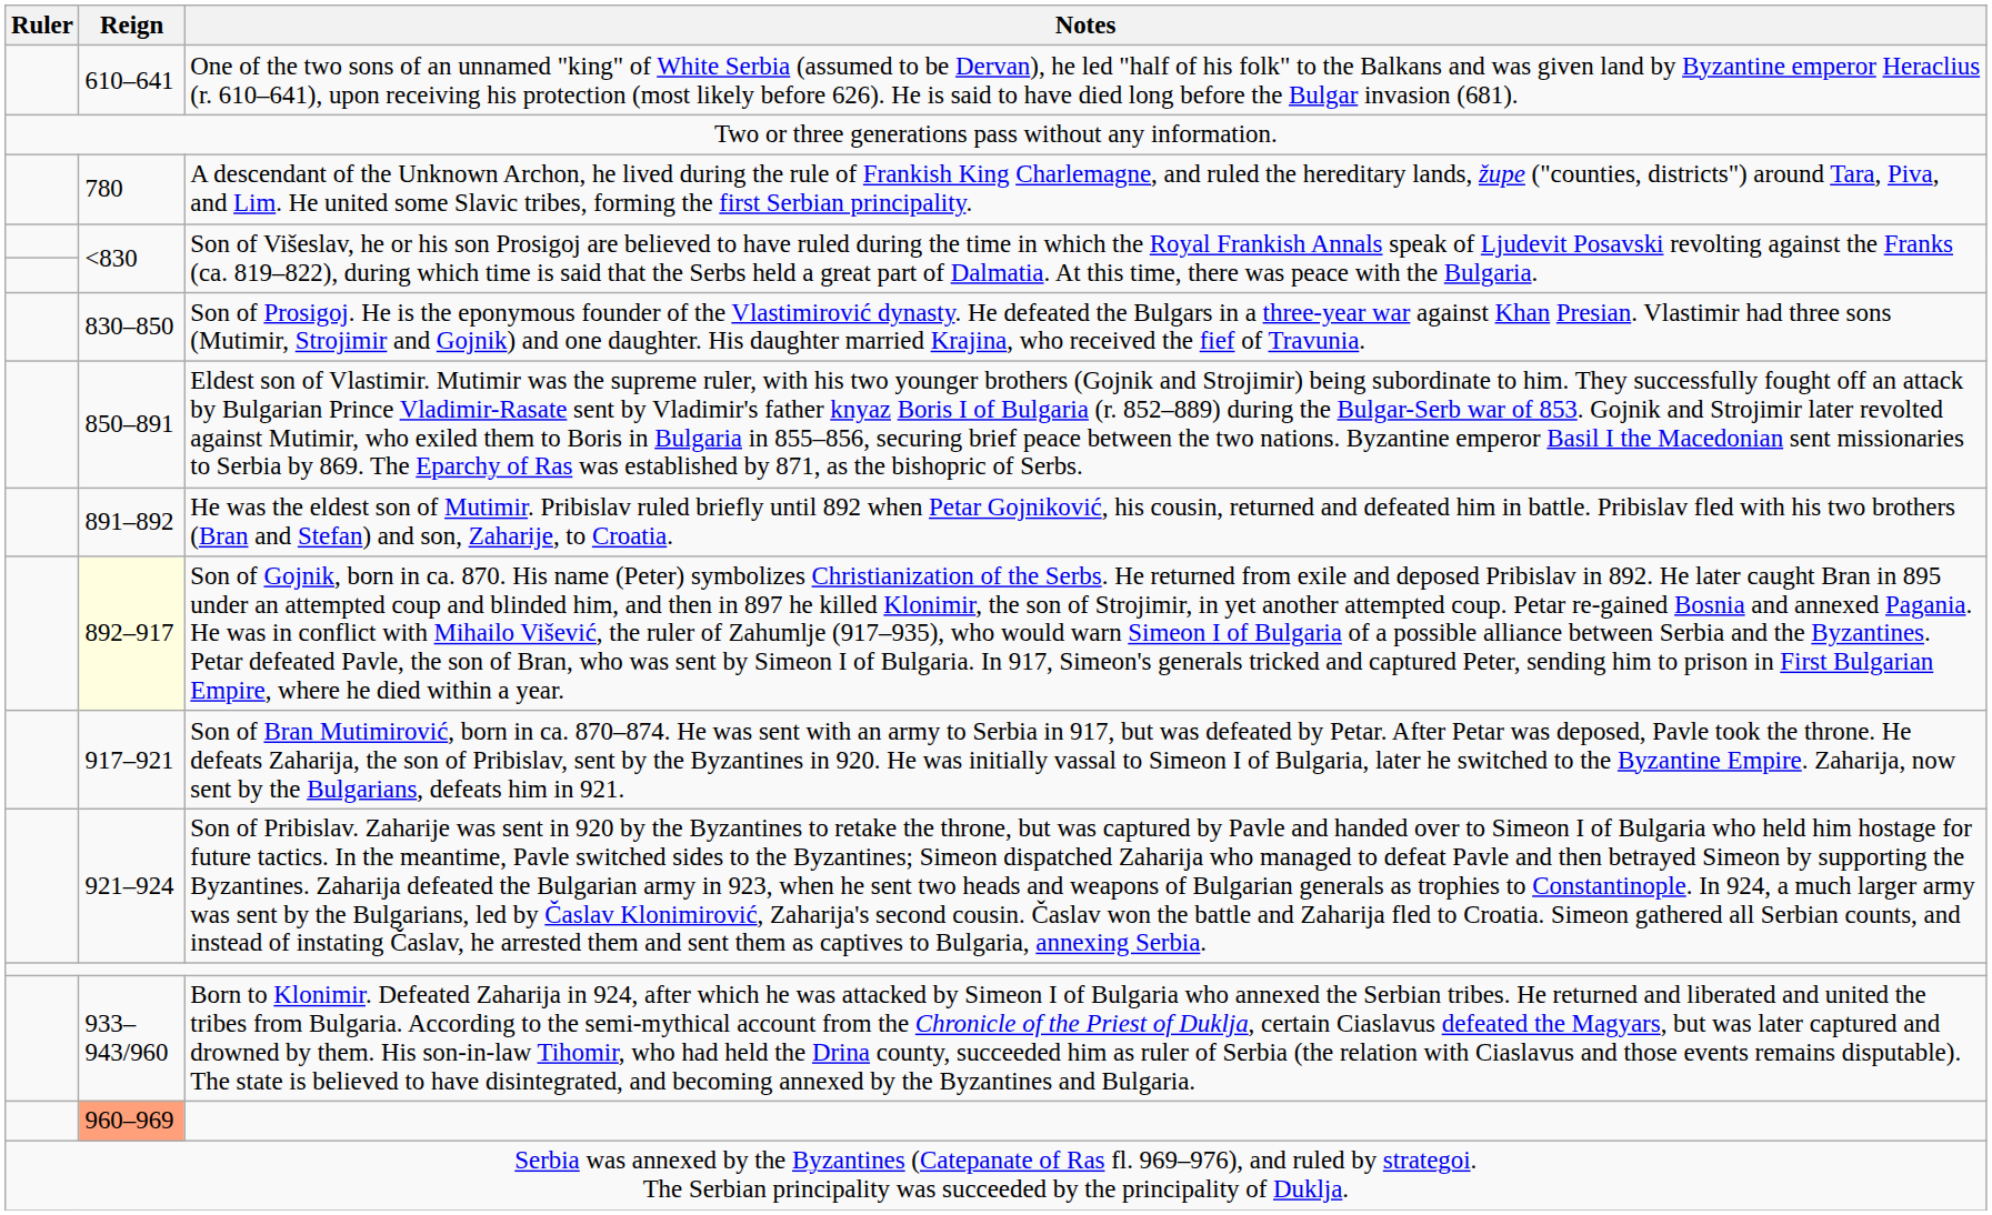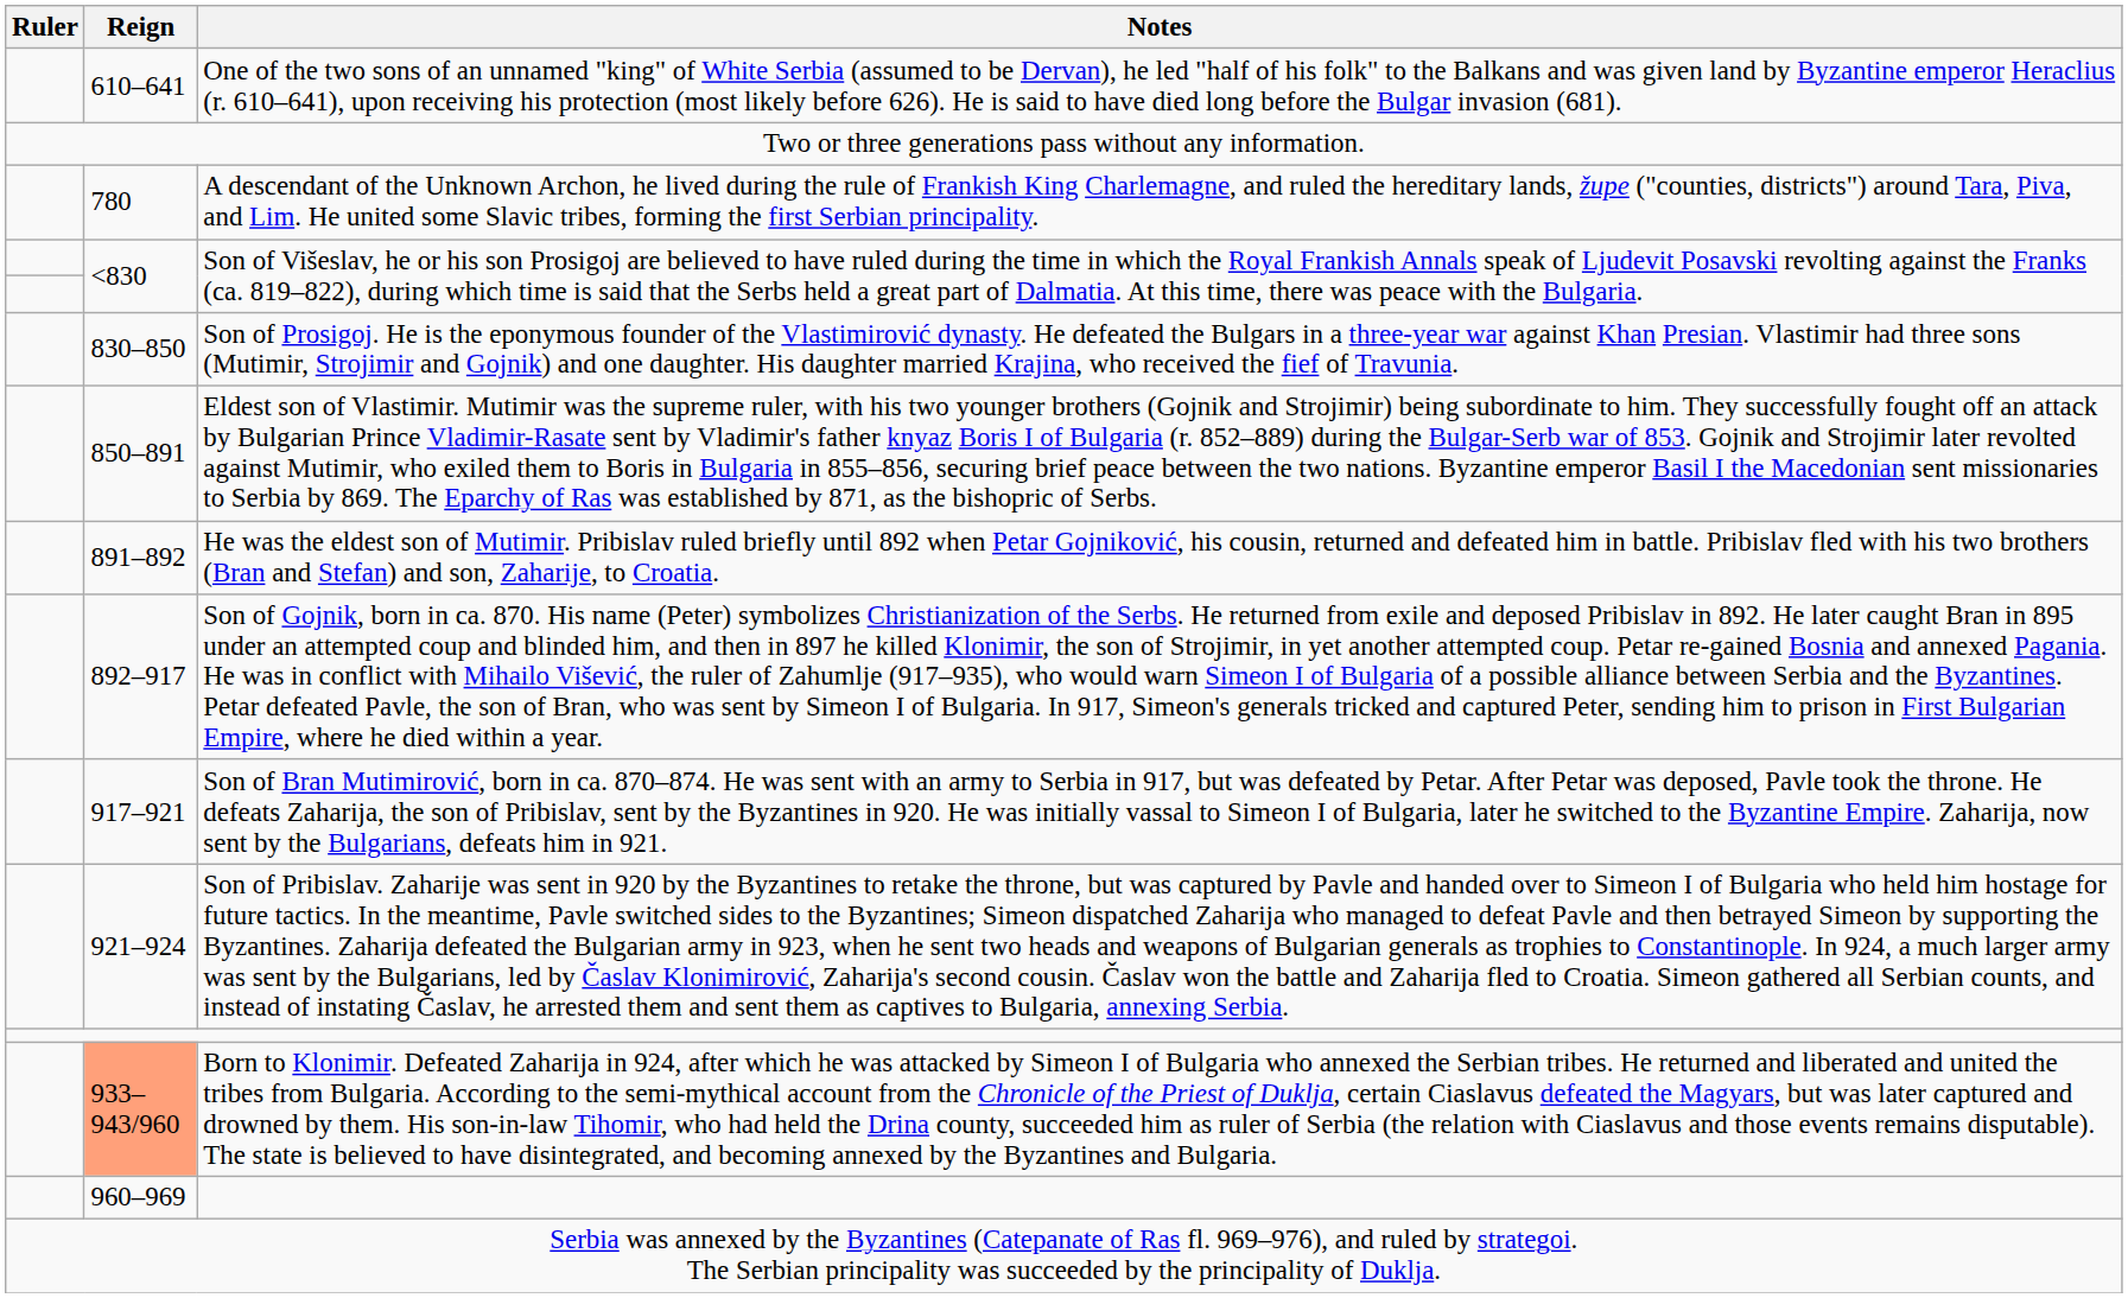 <table class="wikitable">
 <tr ->
 <th>Ruler</th>
 <th>Reign</th>
 <th>Notes</th>
 </tr>
 <tr ->
 <td></td>
 <td> 610–641</td>
 <td>One of the two sons of an unnamed "king" of <a href='#'>White Serbia</a> (assumed to be <a href='#'>Dervan</a>), he led "half of his folk" to the Balkans and was given land by <a href='#'>Byzantine emperor</a> <a href='#'>Heraclius</a> (r. 610–641), upon receiving his protection (most likely before 626). He is said to have died long before the <a href='#'>Bulgar</a> invasion (681).</td>
 </tr>
 <tr ->
 <td colspan=4 style="text-align:center;">Two or three generations pass without any information.</td>
 </tr>
 <tr ->
 <td></td>
 <td> 780</td>
 <td>A descendant of the Unknown Archon, he lived during the rule of <a href='#'>Frankish King</a> <a href='#'>Charlemagne</a>, and ruled the hereditary lands, <em><a href='#'>župe</a></em> ("counties, districts") around <a href='#'>Tara</a>, <a href='#'>Piva</a>, and <a href='#'>Lim</a>. He united some Slavic tribes, forming the <a href='#'>first Serbian principality</a>.</td>
 </tr>
 <tr ->
 <td></td>
 <td rowspan=2><830</td>
 <td rowspan=2>Son of Višeslav, he or his son Prosigoj are believed to have ruled during the time in which the <a href='#'>Royal Frankish Annals</a> speak of <a href='#'>Ljudevit Posavski</a> revolting against the <a href='#'>Franks</a> (ca. 819–822), during which time is said that the Serbs held a great part of <a href='#'>Dalmatia</a>. At this time, there was peace with the <a href='#'>Bulgaria</a>.</td>
 </tr>
 <tr ->
 <td></td>
 </tr>
 <tr ->
 <td></td>
 <td> 830–850</td>
 <td>Son of <a href='#'>Prosigoj</a>. He is the eponymous founder of the <a href='#'>Vlastimirović dynasty</a>. He defeated the Bulgars in a <a href='#'>three-year war</a> against <a href='#'>Khan</a> <a href='#'>Presian</a>. Vlastimir had three sons (Mutimir, <a href='#'>Strojimir</a> and <a href='#'>Gojnik</a>) and one daughter. His daughter married <a href='#'>Krajina</a>, who received the <a href='#'>fief</a> of <a href='#'>Travunia</a>.</td>
 </tr>
 <tr ->
 <td></td>
 <td>850–891</td>
 <td>Eldest son of Vlastimir. Mutimir was the supreme ruler, with his two younger brothers (Gojnik and Strojimir) being subordinate to him. They successfully fought off an attack by Bulgarian Prince <a href='#'>Vladimir-Rasate</a> sent by Vladimir's father <a href='#'>knyaz</a> <a href='#'>Boris I of Bulgaria</a> (r. 852–889) during the <a href='#'>Bulgar-Serb war of 853</a>. Gojnik and Strojimir later revolted against Mutimir, who exiled them to Boris in <a href='#'>Bulgaria</a> in 855–856, securing brief peace between the two nations. Byzantine emperor <a href='#'>Basil I the Macedonian</a> sent missionaries to Serbia by 869. The <a href='#'>Eparchy of Ras</a> was established by 871, as the bishopric of Serbs.</td>
 </tr>
 <tr ->
 <td></td>
 <td>891–892</td>
 <td>He was the eldest son of <a href='#'>Mutimir</a>. Pribislav ruled briefly until 892 when <a href='#'>Petar Gojniković</a>, his cousin, returned and defeated him in battle. Pribislav fled with his two brothers (<a href='#'>Bran</a> and <a href='#'>Stefan</a>) and son, <a href='#'>Zaharije</a>, to <a href='#'>Croatia</a>.</td>
 </tr>
 <tr ->
 <td></td>
-<td style="background: lightyellow;">892–917</td>
+<td>892–917</td>
 <td>Son of <a href='#'>Gojnik</a>, born in ca. 870. His name (Peter) symbolizes <a href='#'>Christianization of the Serbs</a>. He returned from exile and deposed Pribislav in 892. He later caught Bran in 895 under an attempted coup and blinded him, and then in 897 he killed <a href='#'>Klonimir</a>, the son of Strojimir, in yet another attempted coup. Petar re-gained <a href='#'>Bosnia</a> and annexed <a href='#'>Pagania</a>. He was in conflict with <a href='#'>Mihailo Višević</a>, the ruler of Zahumlje (917–935), who would warn <a href='#'>Simeon I of Bulgaria</a> of a possible alliance between Serbia and the <a href='#'>Byzantines</a>. Petar defeated Pavle, the son of Bran, who was sent by Simeon I of Bulgaria. In 917, Simeon's generals tricked and captured Peter, sending him to prison in <a href='#'>First Bulgarian Empire</a>, where he died within a year.</td>
 </tr>
 <tr ->
 <td></td>
 <td>917–921</td>
 <td>Son of <a href='#'>Bran Mutimirović</a>, born in ca. 870–874. He was sent with an army to Serbia in 917, but was defeated by Petar. After Petar was deposed, Pavle took the throne. He defeats Zaharija, the son of Pribislav, sent by the Byzantines in 920. He was initially vassal to Simeon I of Bulgaria, later he switched to the <a href='#'>Byzantine Empire</a>. Zaharija, now sent by the <a href='#'>Bulgarians</a>, defeats him in 921.</td>
 </tr>
 <tr ->
 <td></td>
 <td>921–924</td>
 <td>Son of Pribislav. Zaharije was sent in 920 by the Byzantines to retake the throne, but was captured by Pavle and handed over to Simeon I of Bulgaria who held him hostage for future tactics. In the meantime, Pavle switched sides to the Byzantines; Simeon dispatched Zaharija who managed to defeat Pavle and then betrayed Simeon by supporting the Byzantines. Zaharija defeated the Bulgarian army in 923, when he sent two heads and weapons of Bulgarian generals as trophies to <a href='#'>Constantinople</a>. In 924, a much larger army was sent by the Bulgarians, led by <a href='#'>Časlav Klonimirović</a>, Zaharija's second cousin. Časlav won the battle and Zaharija fled to Croatia. Simeon gathered all Serbian counts, and instead of instating Časlav, he arrested them and sent them as captives to Bulgaria, <a href='#'>annexing Serbia</a>.</td>
 </tr>
 <tr ->
 <td colspan=4></td>
 </tr>
 <tr ->
 <td></td>
-<td>933–943/960</td>
+<td style="background: lightsalmon;">933–943/960</td>
 <td>Born to <a href='#'>Klonimir</a>. Defeated Zaharija in 924, after which he was attacked by Simeon I of Bulgaria who annexed the Serbian tribes. He returned and liberated and united the tribes from Bulgaria. According to the semi-mythical account from the <em><a href='#'>Chronicle of the Priest of Duklja</a></em>, certain Ciaslavus <a href='#'>defeated the Magyars</a>, but was later captured and drowned by them. His son-in-law <a href='#'>Tihomir</a>, who had held the <a href='#'>Drina</a> county, succeeded him as ruler of Serbia (the relation with Ciaslavus and those events remains disputable). The state is believed to have disintegrated, and becoming annexed by the Byzantines and Bulgaria.</td>
 </tr>
 <tr ->
 <td></td>
-<td style="background: lightsalmon;">960–969</td>
+<td>960–969</td>
 <td></td>
 </tr>
 <tr ->
 <td colspan="4" style="text-align:center;"><a href='#'>Serbia</a> was annexed by the <a href='#'>Byzantines</a> (<a href='#'>Catepanate of Ras</a> fl. 969–976), and ruled by <a href='#'>strategoi</a>.<br>The Serbian principality was succeeded by the principality of <a href='#'>Duklja</a>.</td>
 </tr>
 </table>
